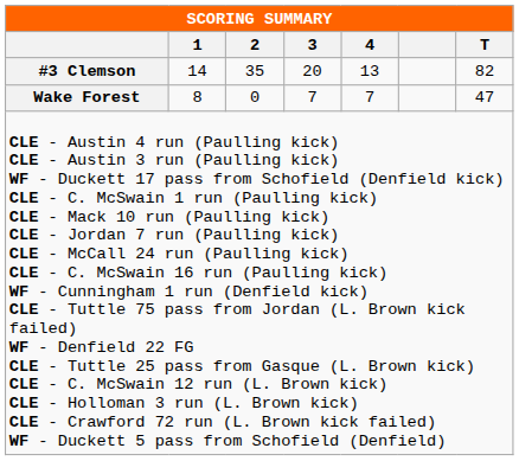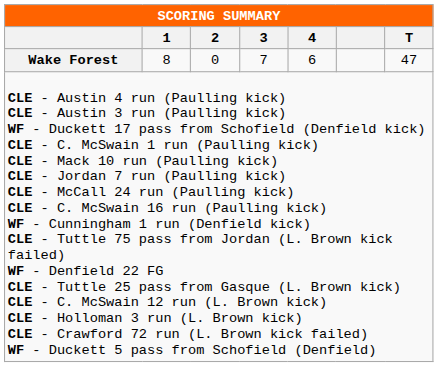 <table class="wikitable" style="text-align:center">
 <tr style="background:#FF6300; color:white">
 <td colspan="7" align="center"><strong>SCORING SUMMARY</strong></td>
 </tr>
 <tr>
 <th width="125"> </th>
 <th width="40">1</th>
 <th width="40">2</th>
 <th width="40">3</th>
 <th width="40">4</th>
 <th width="40"> </th>
 <th width="40">T</th>
 </tr>
 <tr>
-<th>#3 Clemson</th>
-<td>14</td>
-<td>35</td>
-<td>20</td>
-<td>13</td>
-<td></td>
-<td>82</td>
-</tr>
-<tr>
 <th>Wake Forest</th>
 <td>8</td>
 <td>0</td>
 <td>7</td>
-<td>7</td>
+<td>6</td>
 <td></td>
 <td>47</td>
 </tr>
 <tr>
 <td colspan="7" align="left"><br><strong>CLE</strong> - Austin 4 run (Paulling kick)<br> <strong>CLE</strong> - Austin 3 run (Paulling kick)<br> <strong>WF</strong> - Duckett 17 pass from Schofield (Denfield kick)<br> <strong>CLE</strong> - C. McSwain 1 run (Paulling kick)<br> <strong>CLE</strong> - Mack 10 run (Paulling kick)<br> <strong>CLE</strong> - Jordan 7 run (Paulling kick)<br> <strong>CLE</strong> - McCall 24 run (Paulling kick)<br> <strong>CLE</strong> - C. McSwain 16 run (Paulling kick)<br> <strong>WF</strong> - Cunningham 1 run (Denfield kick)<br> <strong>CLE</strong> - Tuttle 75 pass from Jordan (L. Brown kick failed)<br> <strong>WF</strong> - Denfield 22 FG<br> <strong>CLE</strong> - Tuttle 25 pass from Gasque (L. Brown kick)<br> <strong>CLE</strong> - C. McSwain 12 run (L. Brown kick)<br> <strong>CLE</strong> - Holloman 3 run (L. Brown kick)<br> <strong>CLE</strong> - Crawford 72 run (L. Brown kick failed)<br> <strong>WF</strong> - Duckett 5 pass from Schofield (Denfield)</td>
 </tr>
 </table>
